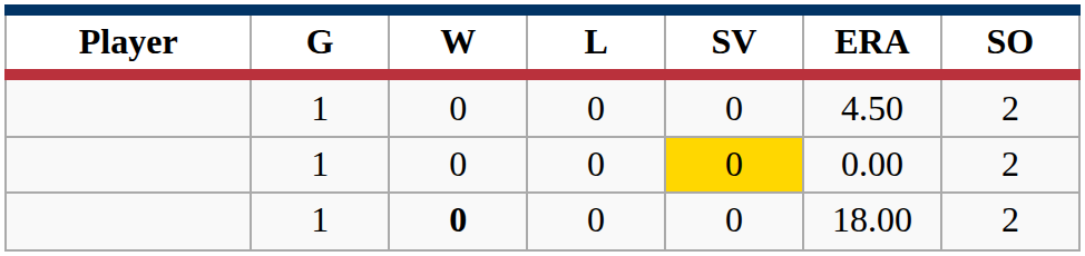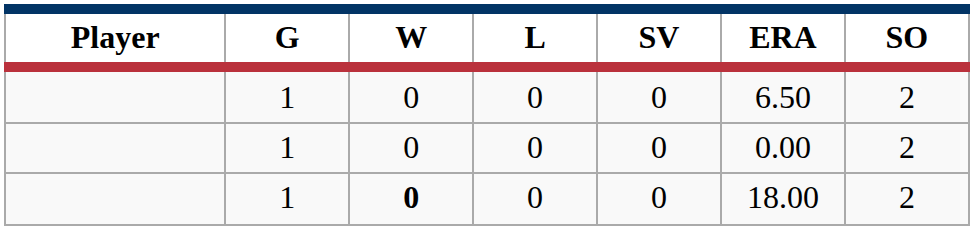 <table class="wikitable sortable">
 <tr>
 <th style="background:#FFFFFF; border-top:#023465 5px solid; border-bottom:#ba313c 5px solid;" width="16%">Player</th>
 <th style="background:#FFFFFF; border-top:#023465 5px solid; border-bottom:#ba313c 5px solid;" width="9%">G</th>
 <th style="background:#FFFFFF; border-top:#023465 5px solid; border-bottom:#ba313c 5px solid;" width="9%">W</th>
 <th style="background:#FFFFFF; border-top:#023465 5px solid; border-bottom:#ba313c 5px solid;" width="9%">L</th>
 <th style="background:#FFFFFF; border-top:#023465 5px solid; border-bottom:#ba313c 5px solid;" width="9%">SV</th>
 <th style="background:#FFFFFF; border-top:#023465 5px solid; border-bottom:#ba313c 5px solid;" width="9%">ERA</th>
 <th style="background:#FFFFFF; border-top:#023465 5px solid; border-bottom:#ba313c 5px solid;" width="9%">SO</th>
 </tr>
 <tr align="center">
 <td></td>
 <td>1</td>
 <td>0</td>
 <td>0</td>
 <td>0</td>
-<td>4.50</td>
+<td>6.50</td>
 <td>2</td>
 </tr>
 <tr align="center">
 <td></td>
 <td>1</td>
 <td>0</td>
 <td>0</td>
-<td style="background: gold;">0</td>
+<td>0</td>
 <td>0.00</td>
 <td>2</td>
 </tr>
 <tr align="center">
 <td></td>
 <td>1</td>
 <td><strong>0</strong></td>
 <td>0</td>
 <td>0</td>
 <td>18.00</td>
 <td>2</td>
 </tr>
 </table>
